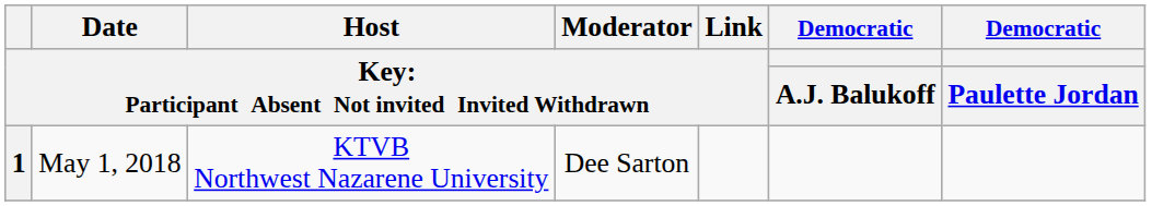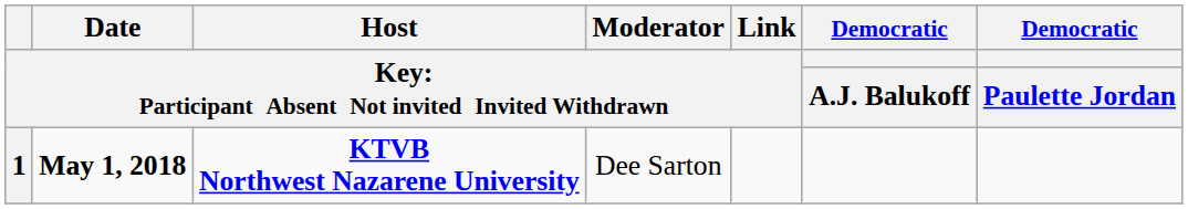 <table class="wikitable" style="text-align:center;">
 <tr>
 <th scope="col"></th>
 <th scope="col">Date</th>
 <th scope="col">Host</th>
 <th scope="col">Moderator</th>
 <th scope="col">Link</th>
 <th scope="col"><small><a href='#'>Democratic</a></small></th>
 <th scope="col"><small><a href='#'>Democratic</a></small></th>
 </tr>
 <tr>
 <th colspan="5" rowspan="2">Key:<br> <small>Participant </small>  <small>Absent </small>  <small>Not invited </small>  <small>Invited  Withdrawn</small></th>
 <th scope="col" style="background:"></th>
 <th scope="col" style="background:"></th>
 </tr>
 <tr>
 <th scope="col">A.J. Balukoff</th>
 <th scope="col"><a href='#'>Paulette Jordan</a></th>
 </tr>
 <tr>
 <th>1</th>
-<td style="white-space:nowrap;">May 1, 2018</td>
-<td style="white-space:nowrap;"><a href='#'>KTVB</a><br><a href='#'>Northwest Nazarene University</a></td>
+<td style="white-space:nowrap;"><strong>May 1, 2018</strong></td>
+<td style="white-space:nowrap;"><strong><a href='#'>KTVB</a><br><a href='#'>Northwest Nazarene University</a></strong></td>
 <td style="white-space:nowrap;">Dee Sarton</td>
 <td style="white-space:nowrap;"></td>
 <td></td>
 <td></td>
 </tr>
 </table>
